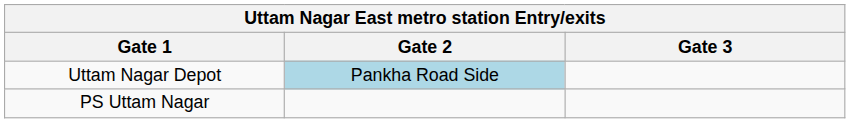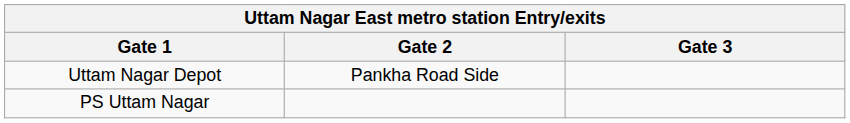 <table class="wikitable" style="text-align: center;" width="60%">
 <tr>
 <th align="center" colspan="5" style="background:#"><span>Uttam Nagar East metro station Entry/exits</span></th>
 </tr>
 <tr>
 <th style="width:30%;">Gate 1 </th>
 <th style="width:30%;">Gate 2 </th>
 <th style="width:30%;">Gate 3</th>
 </tr>
 <tr>
 <td>Uttam Nagar Depot</td>
-<td style="background: lightblue;">Pankha Road Side</td>
+<td>Pankha Road Side</td>
 <td></td>
 </tr>
 <tr>
 <td>PS Uttam Nagar</td>
 <td></td>
 <td></td>
 </tr>
 </table>
